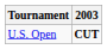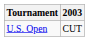 <table class="wikitable" style="font-size:95%;">
 <tr>
 <th>Tournament</th>
 <th>2003</th>
 </tr>
 <tr>
 <td><a href='#'>U.S. Open</a></td>
-<td align="center"><strong>CUT</strong></td>
+<td align="center">CUT</td>
 </tr>
 </table>
